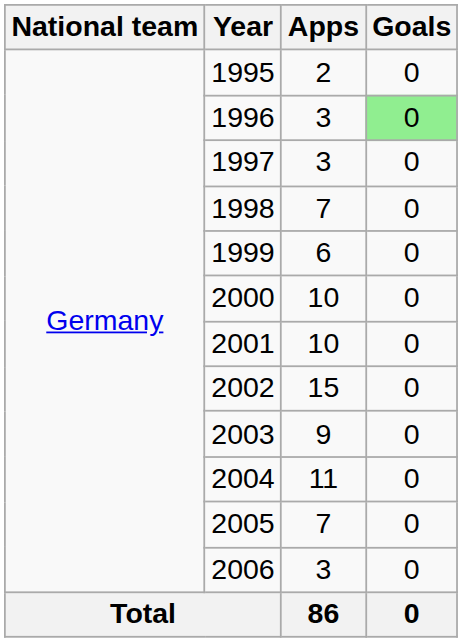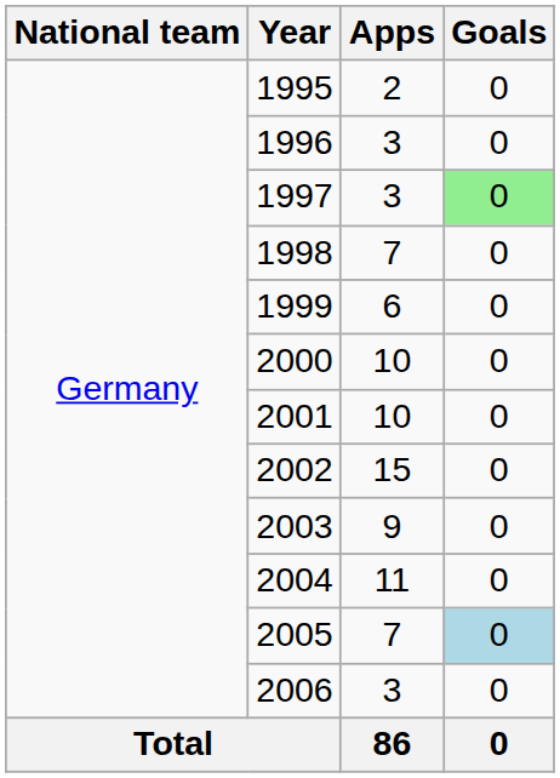 <table class="wikitable" style="text-align:center">
 <tr>
 <th>National team</th>
 <th>Year</th>
 <th>Apps</th>
 <th>Goals</th>
 </tr>
 <tr>
 <td rowspan="12"><a href='#'>Germany</a></td>
 <td>1995</td>
 <td>2</td>
 <td>0</td>
 </tr>
 <tr>
 <td>1996</td>
 <td>3</td>
-<td style="background: lightgreen;">0</td>
+<td>0</td>
 </tr>
 <tr>
 <td>1997</td>
 <td>3</td>
-<td>0</td>
+<td style="background: lightgreen;">0</td>
 </tr>
 <tr>
 <td>1998</td>
 <td>7</td>
 <td>0</td>
 </tr>
 <tr>
 <td>1999</td>
 <td>6</td>
 <td>0</td>
 </tr>
 <tr>
 <td>2000</td>
 <td>10</td>
 <td>0</td>
 </tr>
 <tr>
 <td>2001</td>
 <td>10</td>
 <td>0</td>
 </tr>
 <tr>
 <td>2002</td>
 <td>15</td>
 <td>0</td>
 </tr>
 <tr>
 <td>2003</td>
 <td>9</td>
 <td>0</td>
 </tr>
 <tr>
 <td>2004</td>
 <td>11</td>
 <td>0</td>
 </tr>
 <tr>
 <td>2005</td>
 <td>7</td>
-<td>0</td>
+<td style="background: lightblue;">0</td>
 </tr>
 <tr>
 <td>2006</td>
 <td>3</td>
 <td>0</td>
 </tr>
 <tr>
 <th colspan="2">Total</th>
 <th>86</th>
 <th>0</th>
 </tr>
 </table>
